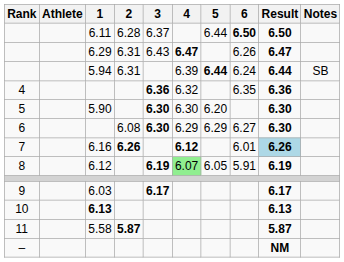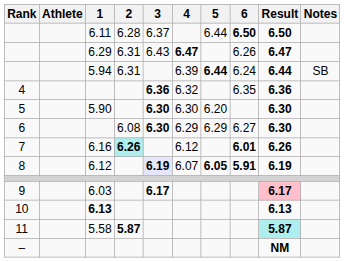 <table class="wikitable sortable" style="text-align:center">
 <tr>
 <th>Rank</th>
 <th>Athlete</th>
 <th>1</th>
 <th>2</th>
 <th>3</th>
 <th>4</th>
 <th>5</th>
 <th>6</th>
 <th>Result</th>
 <th>Notes</th>
 </tr>
 <tr>
 <td></td>
 <td align=left></td>
 <td>6.11</td>
 <td>6.28</td>
 <td>6.37</td>
 <td></td>
 <td>6.44</td>
 <td><strong>6.50</strong></td>
 <td><strong>6.50</strong></td>
 <td></td>
 </tr>
 <tr>
 <td></td>
 <td align=left></td>
 <td>6.29</td>
 <td>6.31</td>
 <td>6.43</td>
 <td><strong>6.47</strong></td>
 <td></td>
 <td>6.26</td>
 <td><strong>6.47</strong></td>
 <td></td>
 </tr>
 <tr>
 <td></td>
 <td align=left></td>
 <td>5.94</td>
 <td>6.31</td>
 <td></td>
 <td>6.39</td>
 <td><strong>6.44</strong></td>
 <td>6.24</td>
 <td><strong>6.44</strong></td>
 <td>SB</td>
 </tr>
 <tr>
 <td>4</td>
 <td align=left></td>
 <td></td>
 <td></td>
 <td><strong>6.36</strong></td>
 <td>6.32</td>
 <td></td>
 <td>6.35</td>
 <td><strong>6.36</strong></td>
 <td></td>
 </tr>
 <tr>
 <td>5</td>
 <td align=left></td>
 <td>5.90</td>
 <td></td>
 <td><strong>6.30</strong></td>
 <td>6.30</td>
 <td>6.20</td>
 <td></td>
 <td><strong>6.30</strong></td>
 <td></td>
 </tr>
 <tr>
 <td>6</td>
 <td align=left></td>
 <td></td>
 <td>6.08</td>
 <td><strong>6.30</strong></td>
 <td>6.29</td>
 <td>6.29</td>
 <td>6.27</td>
 <td><strong>6.30</strong></td>
 <td></td>
 </tr>
 <tr>
 <td>7</td>
 <td align=left></td>
 <td>6.16</td>
+<td style="background: paleturquoise;"><strong>6.26</strong></td>
+<td></td>
+<td>6.12</td>
+<td></td>
+<td><strong>6.01</strong></td>
 <td><strong>6.26</strong></td>
-<td></td>
-<td><strong>6.12</strong></td>
-<td></td>
-<td>6.01</td>
-<td style="background: lightblue;"><strong>6.26</strong></td>
 <td></td>
 </tr>
 <tr>
 <td>8</td>
 <td align=left></td>
 <td>6.12</td>
 <td></td>
-<td><strong>6.19</strong></td>
-<td style="background: lightgreen;">6.07</td>
-<td>6.05</td>
-<td>5.91</td>
+<td style="background: lavender;"><strong>6.19</strong></td>
+<td>6.07</td>
+<td><strong>6.05</strong></td>
+<td><strong>5.91</strong></td>
 <td><strong>6.19</strong></td>
 <td></td>
 </tr>
 <tr>
 <td colspan=10 bgcolor=lightgray></td>
 </tr>
 <tr>
 <td>9</td>
 <td align=left></td>
 <td>6.03</td>
 <td></td>
 <td><strong>6.17</strong></td>
 <td></td>
 <td></td>
 <td></td>
-<td><strong>6.17</strong></td>
+<td style="background: pink;"><strong>6.17</strong></td>
 <td></td>
 </tr>
 <tr>
 <td>10</td>
 <td align=left></td>
 <td><strong>6.13</strong></td>
 <td></td>
 <td></td>
 <td></td>
 <td></td>
 <td></td>
 <td><strong>6.13</strong></td>
 <td></td>
 </tr>
 <tr>
 <td>11</td>
 <td align=left></td>
 <td>5.58</td>
 <td><strong>5.87</strong></td>
 <td></td>
 <td></td>
 <td></td>
 <td></td>
-<td><strong>5.87</strong></td>
+<td style="background: paleturquoise;"><strong>5.87</strong></td>
 <td></td>
 </tr>
 <tr>
 <td>–</td>
 <td align=left></td>
 <td></td>
 <td></td>
 <td></td>
 <td></td>
 <td></td>
 <td></td>
 <td><strong>NM</strong></td>
 <td></td>
 </tr>
 </table>
